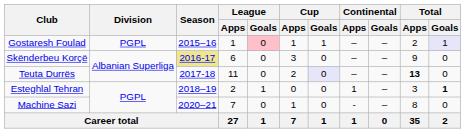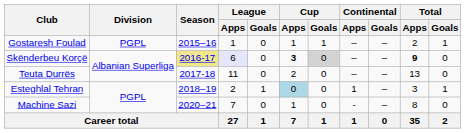 <table class="wikitable" style="text-align: center;">
 <tr>
 <th rowspan="2">Club</th>
 <th rowspan="2">Division</th>
 <th rowspan="2">Season</th>
 <th colspan="2">League</th>
 <th colspan="2">Cup</th>
 <th colspan="2">Continental</th>
 <th colspan="2">Total</th>
 </tr>
 <tr>
 <th>Apps</th>
 <th>Goals</th>
 <th>Apps</th>
 <th>Goals</th>
 <th>Apps</th>
 <th>Goals</th>
 <th>Apps</th>
 <th>Goals</th>
 </tr>
 <tr>
 <td rowspan="1"><a href='#'>Gostaresh Foulad</a></td>
 <td rowspan="1"><a href='#'>PGPL</a></td>
 <td><a href='#'>2015–16</a></td>
 <td>1</td>
-<td style="background: pink;">0</td>
+<td>0</td>
 <td>1</td>
 <td>1</td>
 <td>–</td>
 <td>–</td>
 <td>2</td>
-<td style="background: lavender;">1</td>
+<td>1</td>
 </tr>
 <tr>
 <td rowspan="1"><a href='#'>Skënderbeu Korçë</a></td>
 <td rowspan="2"><a href='#'>Albanian Superliga</a></td>
 <td style="background: khaki;"><a href='#'>2016-17</a></td>
-<td>6</td>
+<td style="background: lavender;">6</td>
 <td>0</td>
-<td>3</td>
-<td>0</td>
+<td><strong>3</strong></td>
+<td style="background: lightgrey;">0</td>
 <td>–</td>
 <td>–</td>
-<td>9</td>
+<td><strong>9</strong></td>
 <td>0</td>
 </tr>
 <tr>
 <td rowspan="1"><a href='#'>Teuta Durrës</a></td>
 <td><a href='#'>2017-18</a></td>
 <td>11</td>
 <td>0</td>
 <td>2</td>
-<td style="background: lavender;">0</td>
+<td>0</td>
 <td>–</td>
 <td>–</td>
-<td><strong>13</strong></td>
+<td>13</td>
 <td>0</td>
 </tr>
 <tr>
 <td rowspan="1"><a href='#'>Esteghlal Tehran</a></td>
 <td rowspan="2"><a href='#'>PGPL</a></td>
 <td><a href='#'>2018–19</a></td>
 <td>2</td>
 <td>1</td>
-<td>0</td>
+<td style="background: lightblue;">0</td>
 <td>0</td>
 <td>1</td>
 <td>–</td>
 <td>3</td>
-<td><strong>1</strong></td>
+<td>1</td>
 </tr>
 <tr>
 <td rowspan="1"><a href='#'>Machine Sazi</a></td>
 <td><a href='#'>2020–21</a></td>
 <td>7</td>
 <td>0</td>
 <td>1</td>
 <td>0</td>
 <td>-</td>
 <td>–</td>
 <td>8</td>
 <td>0</td>
 </tr>
 <tr>
 <th colspan=3>Career total</th>
 <th>27</th>
 <th>1</th>
 <th>7</th>
 <th>1</th>
 <th>1</th>
 <th>0</th>
 <th>35</th>
 <th>2</th>
 </tr>
 </table>
